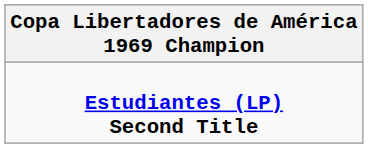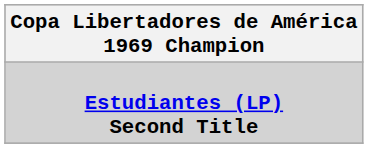 <table class="wikitable" style="text-align: center; margin: 0 auto;">
 <tr>
 <th>Copa Libertadores de América<br>1969 Champion</th>
 </tr>
 <tr>
-<td><br><strong><a href='#'>Estudiantes (LP)</a></strong><br><strong>Second Title</strong></td>
+<td style="background: lightgrey;"><br><strong><a href='#'>Estudiantes (LP)</a></strong><br><strong>Second Title</strong></td>
 </tr>
 </table>
